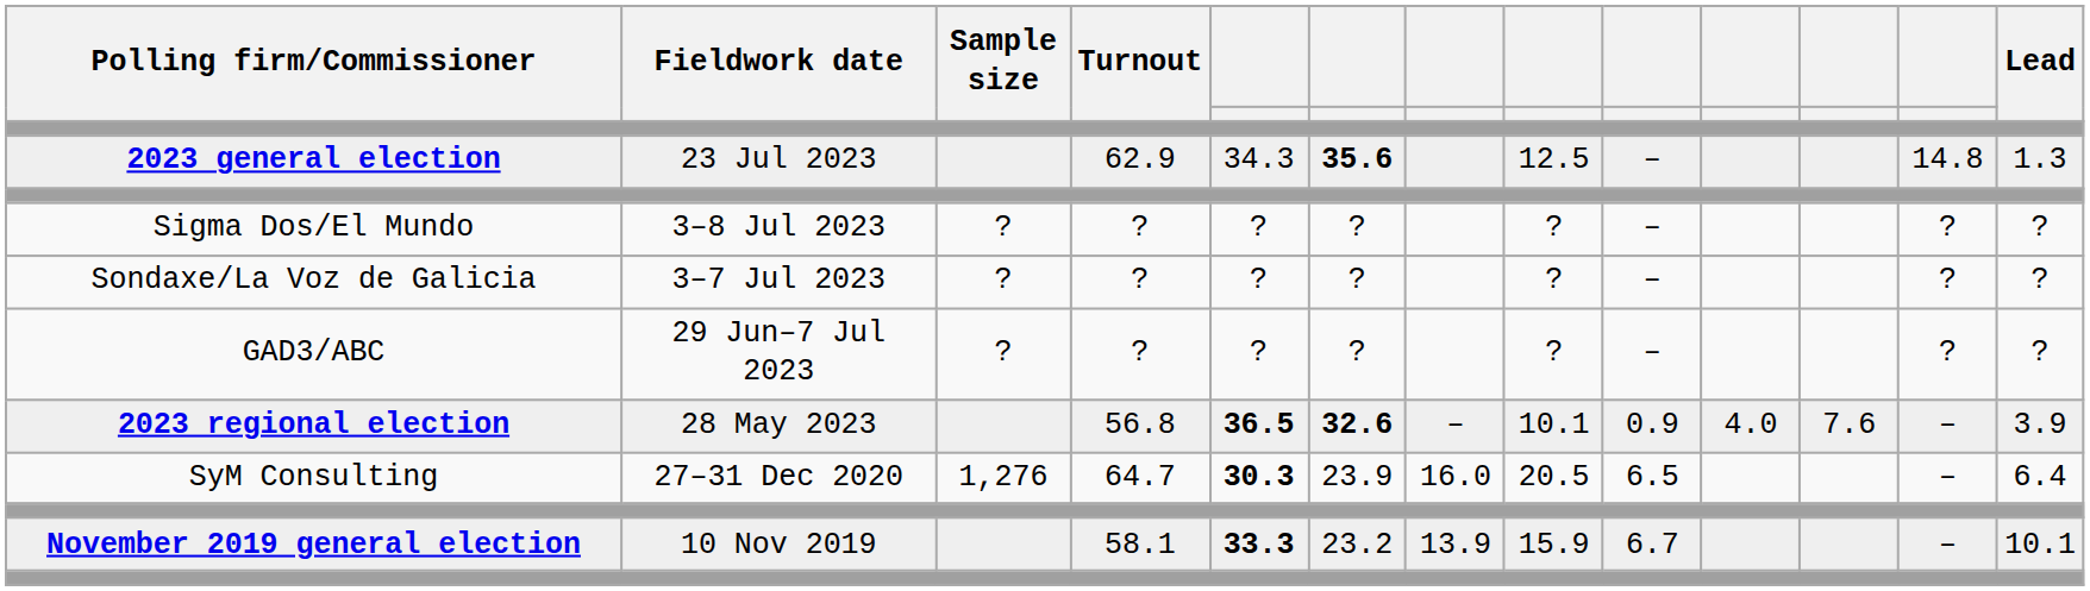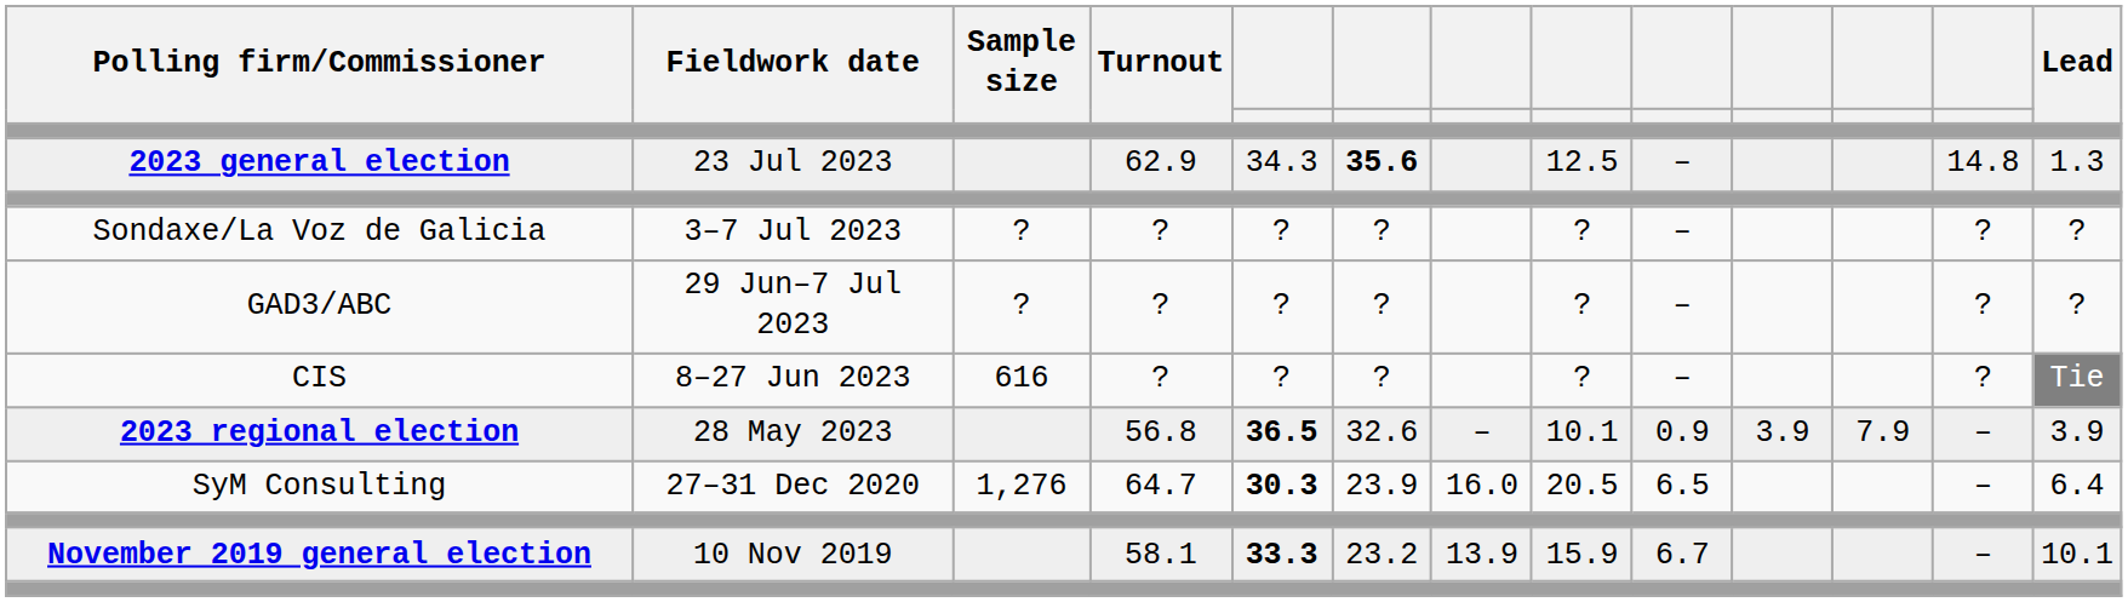 <table class="wikitable collapsible collapsed" style="text-align:center; font-size:95%; line-height:16px;">
 <tr style="height:42px;">
 <th style="width:250px;" rowspan="2">Polling firm/Commissioner</th>
 <th style="width:125px;" rowspan="2">Fieldwork date</th>
 <th style="width:50px;" rowspan="2">Sample size</th>
 <th style="width:45px;" rowspan="2">Turnout</th>
 <th style="width:35px;"></th>
 <th style="width:35px;"></th>
 <th style="width:35px;"></th>
 <th style="width:35px;"></th>
 <th style="width:35px;"></th>
 <th style="width:35px;"></th>
 <th style="width:35px;"></th>
 <th style="width:35px;"></th>
 <th style="width:30px;" rowspan="2">Lead</th>
 </tr>
 <tr>
 <th style="color:inherit;background:"></th>
 <th style="color:inherit;background:"></th>
 <th style="color:inherit;background:"></th>
 <th style="color:inherit;background:"></th>
 <th style="color:inherit;background:"></th>
 <th style="color:inherit;background:"></th>
 <th style="color:inherit;background:"></th>
 <th style="color:inherit;background:"></th>
 </tr>
 <tr>
 <td colspan="13" style="background:#A0A0A0"></td>
 </tr>
 <tr style="background:#EFEFEF;">
 <td><strong><a href='#'>2023 general election</a></strong></td>
 <td>23 Jul 2023</td>
 <td></td>
 <td>62.9</td>
 <td>34.3<br></td>
 <td><strong>35.6</strong><br></td>
 <td></td>
 <td>12.5<br></td>
 <td>–</td>
 <td></td>
 <td></td>
 <td>14.8<br></td>
 <td style="background:">1.3</td>
 </tr>
 <tr>
 <td colspan="13" style="background:#A0A0A0"></td>
 </tr>
 <tr>
-<td>Sigma Dos/El Mundo</td>
-<td>3–8 Jul 2023</td>
-<td>?</td>
-<td>?</td>
-<td>?<br></td>
-<td>?<br></td>
-<td></td>
-<td>?<br></td>
-<td>–</td>
-<td></td>
-<td></td>
-<td>?<br></td>
-<td style="background:">?</td>
-</tr>
-<tr>
 <td>Sondaxe/La Voz de Galicia</td>
 <td>3–7 Jul 2023</td>
 <td>?</td>
 <td>?</td>
 <td>?<br></td>
 <td>?<br></td>
 <td></td>
 <td>?<br></td>
 <td>–</td>
 <td></td>
 <td></td>
 <td>?<br></td>
 <td style="background:">?</td>
 </tr>
 <tr>
 <td>GAD3/ABC</td>
 <td>29 Jun–7 Jul 2023</td>
 <td>?</td>
 <td>?</td>
 <td>?<br></td>
 <td>?<br></td>
 <td></td>
 <td>?<br></td>
 <td>–</td>
 <td></td>
 <td></td>
 <td>?<br></td>
 <td style="background:">?</td>
 </tr>
+<tr>
+<td>CIS</td>
+<td>8–27 Jun 2023</td>
+<td>616</td>
+<td>?</td>
+<td>?<br></td>
+<td>?<br></td>
+<td></td>
+<td>?<br></td>
+<td>–</td>
+<td></td>
+<td></td>
+<td>?<br></td>
+<td style="background:gray; color:white;">Tie</td>
+</tr>
 <tr style="background:#EFEFEF;">
 <td><strong><a href='#'>2023 regional election</a></strong></td>
 <td>28 May 2023</td>
 <td></td>
 <td>56.8</td>
 <td><strong>36.5</strong><br></td>
-<td><strong>32.6<br></strong></td>
+<td>32.6<br></td>
 <td>–</td>
 <td>10.1<br></td>
 <td>0.9<br></td>
-<td>4.0<br></td>
-<td>7.6<br></td>
+<td>3.9<br></td>
+<td>7.9<br></td>
 <td>–</td>
 <td style="background:">3.9</td>
 </tr>
 <tr>
 <td>SyM Consulting</td>
 <td>27–31 Dec 2020</td>
 <td>1,276</td>
 <td>64.7</td>
 <td><strong>30.3</strong><br></td>
 <td>23.9<br></td>
 <td>16.0<br></td>
 <td>20.5<br></td>
 <td>6.5<br></td>
 <td></td>
 <td></td>
 <td>–</td>
 <td style="background:">6.4</td>
 </tr>
 <tr>
 <td colspan="13" style="background:#A0A0A0"></td>
 </tr>
 <tr style="background:#EFEFEF;">
 <td><strong><a href='#'>November 2019 general election</a></strong></td>
 <td>10 Nov 2019</td>
 <td></td>
 <td>58.1</td>
 <td><strong>33.3</strong><br></td>
 <td>23.2<br></td>
 <td>13.9<br></td>
 <td>15.9<br></td>
 <td>6.7<br></td>
 <td></td>
 <td></td>
 <td>–</td>
 <td style="background:">10.1</td>
 </tr>
 <tr>
 <td colspan="13" style="background:#A0A0A0"></td>
 </tr>
 </table>
